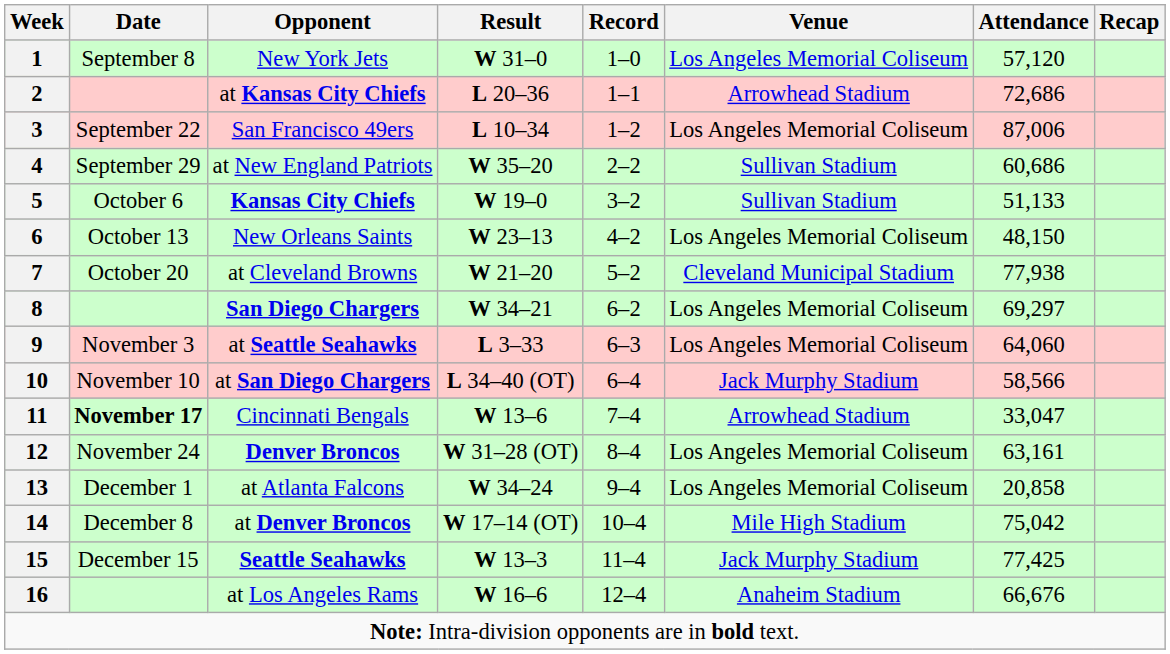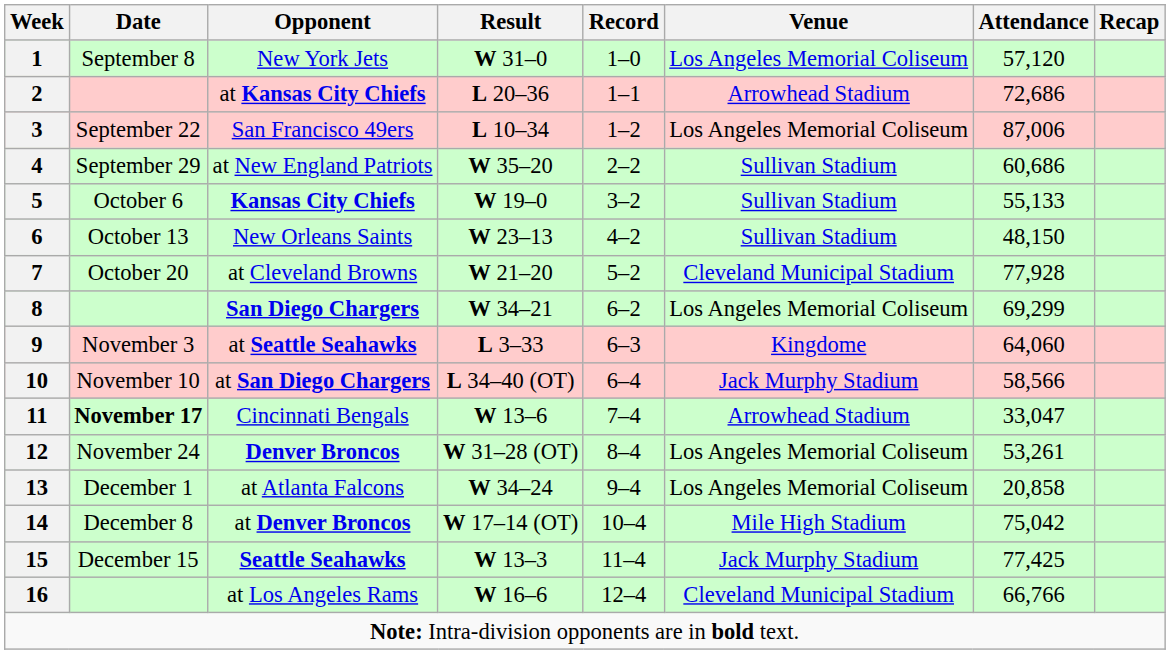 <table class="wikitable" style="text-align:center">
 <tr>
 <th>Week</th>
 <th>Date</th>
 <th>Opponent</th>
 <th>Result</th>
 <th>Record</th>
 <th>Venue</th>
 <th>Attendance</th>
 <th>Recap</th>
 </tr>
 <tr style="background:#cfc">
 <th>1</th>
 <td>September 8</td>
 <td><a href='#'>New York Jets</a></td>
 <td><strong>W</strong> 31–0</td>
 <td>1–0</td>
 <td><a href='#'>Los Angeles Memorial Coliseum</a></td>
 <td>57,120</td>
 <td></td>
 </tr>
 <tr style="background:#fcc">
 <th>2</th>
 <td></td>
 <td>at <strong><a href='#'>Kansas City Chiefs</a></strong></td>
 <td><strong>L</strong> 20–36</td>
 <td>1–1</td>
 <td><a href='#'>Arrowhead Stadium</a></td>
 <td>72,686</td>
 <td></td>
 </tr>
 <tr style="background:#fcc">
 <th>3</th>
 <td>September 22</td>
 <td><a href='#'>San Francisco 49ers</a></td>
 <td><strong>L</strong> 10–34</td>
 <td>1–2</td>
 <td>Los Angeles Memorial Coliseum</td>
 <td>87,006</td>
 <td></td>
 </tr>
 <tr style="background:#cfc">
 <th>4</th>
 <td>September 29</td>
 <td>at <a href='#'>New England Patriots</a></td>
 <td><strong>W</strong> 35–20</td>
 <td>2–2</td>
 <td><a href='#'>Sullivan Stadium</a></td>
 <td>60,686</td>
 <td></td>
 </tr>
 <tr style="background:#cfc">
 <th>5</th>
 <td>October 6</td>
 <td><strong><a href='#'>Kansas City Chiefs</a></strong></td>
 <td><strong>W</strong> 19–0</td>
 <td>3–2</td>
 <td><a href='#'>Sullivan Stadium</a></td>
-<td>51,133</td>
+<td>55,133</td>
 <td></td>
 </tr>
 <tr style="background:#cfc">
 <th>6</th>
 <td>October 13</td>
 <td><a href='#'>New Orleans Saints</a></td>
 <td><strong>W</strong> 23–13</td>
 <td>4–2</td>
-<td>Los Angeles Memorial Coliseum</td>
+<td><a href='#'>Sullivan Stadium</a></td>
 <td>48,150</td>
 <td></td>
 </tr>
 <tr style="background:#cfc">
 <th>7</th>
 <td>October 20</td>
 <td>at <a href='#'>Cleveland Browns</a></td>
 <td><strong>W</strong> 21–20</td>
 <td>5–2</td>
 <td><a href='#'>Cleveland Municipal Stadium</a></td>
-<td>77,938</td>
+<td>77,928</td>
 <td></td>
 </tr>
 <tr style="background:#cfc">
 <th>8</th>
 <td></td>
 <td><strong><a href='#'>San Diego Chargers</a></strong></td>
 <td><strong>W</strong> 34–21</td>
 <td>6–2</td>
 <td>Los Angeles Memorial Coliseum</td>
-<td>69,297</td>
+<td>69,299</td>
 <td></td>
 </tr>
 <tr style="background:#fcc">
 <th>9</th>
 <td>November 3</td>
 <td>at <strong><a href='#'>Seattle Seahawks</a></strong></td>
 <td><strong>L</strong> 3–33</td>
 <td>6–3</td>
-<td>Los Angeles Memorial Coliseum</td>
+<td><a href='#'>Kingdome</a></td>
 <td>64,060</td>
 <td></td>
 </tr>
 <tr style="background:#fcc">
 <th>10</th>
 <td>November 10</td>
 <td>at <strong><a href='#'>San Diego Chargers</a></strong></td>
 <td><strong>L</strong> 34–40 (OT)</td>
 <td>6–4</td>
 <td><a href='#'>Jack Murphy Stadium</a></td>
 <td>58,566</td>
 <td></td>
 </tr>
 <tr style="background:#cfc">
 <th>11</th>
 <td><strong>November 17</strong></td>
 <td><a href='#'>Cincinnati Bengals</a></td>
 <td><strong>W</strong> 13–6</td>
 <td>7–4</td>
 <td><a href='#'>Arrowhead Stadium</a></td>
 <td>33,047</td>
 <td></td>
 </tr>
 <tr style="background:#cfc">
 <th>12</th>
 <td>November 24</td>
 <td><strong><a href='#'>Denver Broncos</a></strong></td>
 <td><strong>W</strong> 31–28 (OT)</td>
 <td>8–4</td>
 <td>Los Angeles Memorial Coliseum</td>
-<td>63,161</td>
+<td>53,261</td>
 <td></td>
 </tr>
 <tr style="background:#cfc">
 <th>13</th>
 <td>December 1</td>
 <td>at <a href='#'>Atlanta Falcons</a></td>
 <td><strong>W</strong> 34–24</td>
 <td>9–4</td>
 <td>Los Angeles Memorial Coliseum</td>
 <td>20,858</td>
 <td></td>
 </tr>
 <tr style="background:#cfc">
 <th>14</th>
 <td>December 8</td>
 <td>at <strong><a href='#'>Denver Broncos</a></strong></td>
 <td><strong>W</strong> 17–14 (OT)</td>
 <td>10–4</td>
 <td><a href='#'>Mile High Stadium</a></td>
 <td>75,042</td>
 <td></td>
 </tr>
 <tr style="background:#cfc">
 <th>15</th>
 <td>December 15</td>
 <td><strong><a href='#'>Seattle Seahawks</a></strong></td>
 <td><strong>W</strong> 13–3</td>
 <td>11–4</td>
 <td><a href='#'>Jack Murphy Stadium</a></td>
 <td>77,425</td>
 <td></td>
 </tr>
 <tr style="background:#cfc">
 <th>16</th>
 <td></td>
 <td>at <a href='#'>Los Angeles Rams</a></td>
 <td><strong>W</strong> 16–6</td>
 <td>12–4</td>
-<td><a href='#'>Anaheim Stadium</a></td>
-<td>66,676</td>
+<td><a href='#'>Cleveland Municipal Stadium</a></td>
+<td>66,766</td>
 <td></td>
 </tr>
 <tr>
 <td colspan="8"><strong>Note:</strong> Intra-division opponents are in <strong>bold</strong> text.</td>
 </tr>
 </table>
